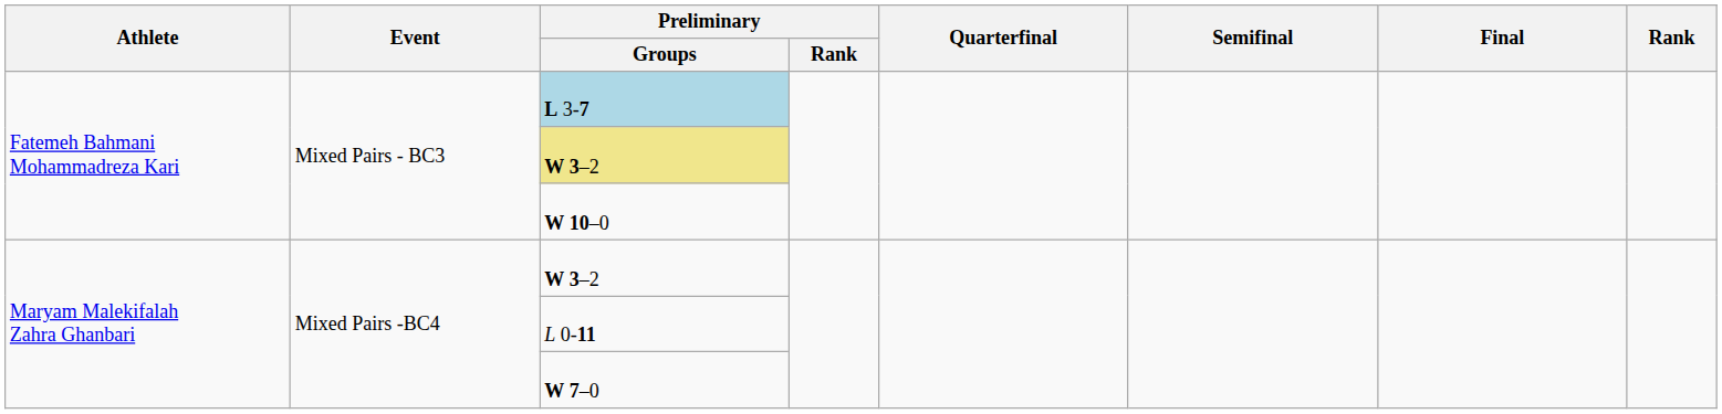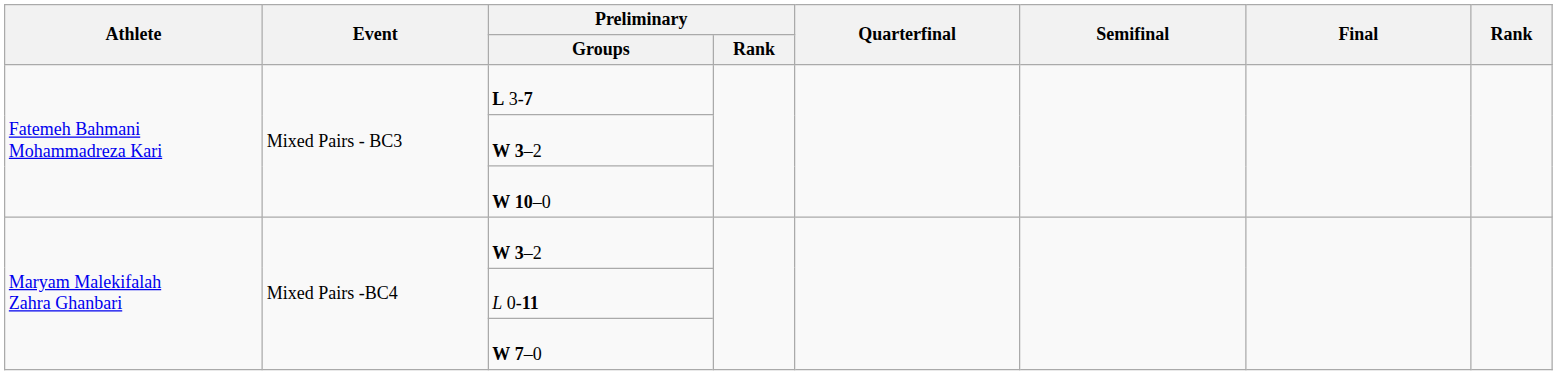 <table class="wikitable" width="98%" style="text-align:left; font-size:90%">
 <tr>
 <th rowspan="2" width="16%">Athlete</th>
 <th rowspan="2" width="14%">Event</th>
 <th colspan="2">Preliminary</th>
 <th rowspan="2" width="14%">Quarterfinal</th>
 <th rowspan="2" width="14%">Semifinal</th>
 <th rowspan="2" width="14%">Final</th>
 <th rowspan="2" width="5%">Rank</th>
 </tr>
 <tr>
 <th width="14%">Groups</th>
 <th width="5%">Rank</th>
 </tr>
 <tr>
 <td rowspan="3"><a href='#'>Fatemeh Bahmani</a><br><a href='#'>Mohammadreza Kari</a></td>
 <td rowspan="3">Mixed Pairs - BC3</td>
-<td style="background: lightblue;"><br><strong>L</strong> 3-<strong>7</strong></td>
+<td><br><strong>L</strong> 3-<strong>7</strong></td>
 <td rowspan="3" align="center"></td>
 <td rowspan="3"></td>
 <td rowspan="3"></td>
 <td rowspan="3"></td>
 <td rowspan="3" align="center"></td>
 </tr>
 <tr>
-<td style="background: khaki;"><br><strong>W</strong> <strong>3</strong>–2</td>
+<td><br><strong>W</strong> <strong>3</strong>–2</td>
 </tr>
 <tr>
 <td><br><strong>W</strong> <strong>10</strong>–0</td>
 </tr>
 <tr>
 <td rowspan="3"><a href='#'>Maryam Malekifalah</a><br><a href='#'>Zahra Ghanbari</a></td>
 <td rowspan="3">Mixed Pairs -BC4</td>
 <td><br><strong>W</strong> <strong>3</strong>–2</td>
 <td rowspan="3" align="center"></td>
 <td rowspan="3"></td>
 <td rowspan="3"></td>
 <td rowspan="3"></td>
 <td rowspan="3" align="center"></td>
 </tr>
 <tr>
 <td><br><em>L</em> 0-<strong>11</strong></td>
 </tr>
 <tr>
 <td><br><strong>W</strong> <strong>7</strong>–0</td>
 </tr>
 </table>
